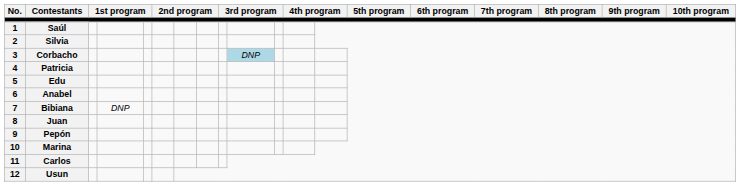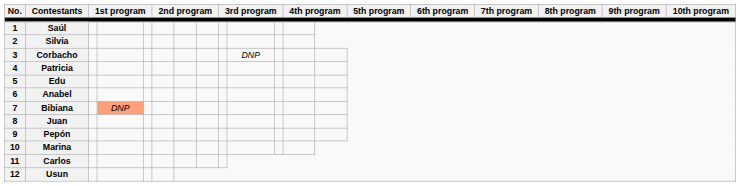 <table class="wikitable" style="text-align:center; width:1200px; font-size:90%; line-height:15px">
 <tr>
 <th>No.</th>
 <th>Contestants</th>
 <th colspan=3>1st program</th>
 <th colspan=3>2nd program</th>
 <th colspan=3>3rd program</th>
 <th colspan=3>4th program</th>
 <th colspan=3>5th program</th>
 <th colspan=3>6th program</th>
 <th colspan=3>7th program</th>
 <th colspan=3>8th program</th>
 <th colspan=3>9th program</th>
 <th colspan=3>10th program</th>
 </tr>
 <tr>
 <td style="background:black" colspan=32></td>
 </tr>
 <tr>
 <th>1</th>
 <th>Saúl</th>
 <td></td>
 <td></td>
 <td></td>
 <td></td>
 <td></td>
 <td></td>
 <td></td>
 <td></td>
 <td></td>
 <td></td>
 </tr>
 <tr>
 <th>2</th>
 <th>Silvia</th>
 <td></td>
 <td></td>
 <td></td>
 <td></td>
 <td></td>
 <td></td>
 <td></td>
 <td></td>
 <td></td>
 <td></td>
 </tr>
 <tr>
 <th>3</th>
 <th>Corbacho</th>
 <td></td>
 <td></td>
 <td></td>
 <td></td>
 <td></td>
 <td></td>
 <td></td>
-<td style="background: lightblue;"><em>DNP</em></td>
+<td><em>DNP</em></td>
 <td></td>
 <td></td>
 <td></td>
 </tr>
 <tr>
 <th>4</th>
 <th>Patricia</th>
 <td></td>
 <td></td>
 <td></td>
 <td></td>
 <td></td>
 <td></td>
 <td></td>
 <td></td>
 <td></td>
 <td></td>
 <td></td>
 </tr>
 <tr>
 <th>5</th>
 <th>Edu</th>
 <td></td>
 <td></td>
 <td></td>
 <td></td>
 <td></td>
 <td></td>
 <td></td>
 <td></td>
 <td></td>
 <td></td>
 <td></td>
 </tr>
 <tr>
 <th>6</th>
 <th>Anabel</th>
 <td></td>
 <td></td>
 <td></td>
 <td></td>
 <td></td>
 <td></td>
 <td></td>
 <td></td>
 <td></td>
 <td></td>
 <td></td>
 </tr>
 <tr>
 <th>7</th>
 <th>Bibiana</th>
 <td></td>
-<td><em>DNP</em></td>
+<td style="background: lightsalmon;"><em>DNP</em></td>
 <td></td>
 <td></td>
 <td></td>
 <td></td>
 <td></td>
 <td></td>
 <td></td>
 <td></td>
 <td></td>
 </tr>
 <tr>
 <th>8</th>
 <th>Juan</th>
 <td></td>
 <td></td>
 <td></td>
 <td></td>
 <td></td>
 <td></td>
 <td></td>
 <td></td>
 <td></td>
 <td></td>
 <td></td>
 </tr>
 <tr>
 <th>9</th>
 <th>Pepón</th>
 <td></td>
 <td></td>
 <td></td>
 <td></td>
 <td></td>
 <td></td>
 <td></td>
 <td></td>
 <td></td>
 <td></td>
 <td></td>
 </tr>
 <tr>
 <th>10</th>
 <th>Marina</th>
 <td></td>
 <td></td>
 <td></td>
 <td></td>
 <td></td>
 <td></td>
 <td></td>
 <td></td>
 <td></td>
 <td></td>
 </tr>
 <tr>
 <th>11</th>
 <th>Carlos</th>
 <td></td>
 <td></td>
 <td></td>
 <td></td>
 <td></td>
 <td></td>
 <td></td>
 </tr>
 <tr>
 <th>12</th>
 <th>Usun</th>
 <td></td>
 <td></td>
 <td></td>
 <td></td>
 </tr>
 </table>
